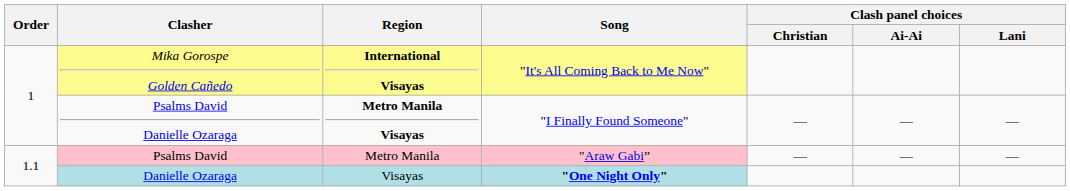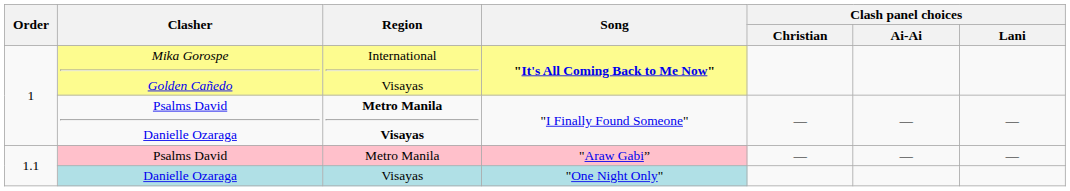 <table class="wikitable" style="text-align:center; line-height:17px; width:100%;">
 <tr>
 <th rowspan="2" width="5%">Order</th>
 <th rowspan="2" width="25%">Clasher</th>
 <th rowspan="2">Region</th>
 <th rowspan="2" width="25%">Song</th>
 <th colspan="3" width="30%">Clash panel choices</th>
 </tr>
 <tr>
 <th width="10%">Christian</th>
 <th width="10%">Ai-Ai</th>
 <th width="10%">Lani</th>
 </tr>
 <tr>
 <td rowspan="2">1</td>
 <td style="background:#fdfc8f;"><em>Mika Gorospe</em><hr><em><a href='#'>Golden Cañedo</a></em></td>
-<td style="background:#fdfc8f;"><strong>International<hr>Visayas</strong></td>
-<td style="background:#fdfc8f;">"<a href='#'>It's All Coming Back to Me Now</a>"</td>
+<td style="background:#fdfc8f;">International<hr>Visayas</td>
+<td style="background:#fdfc8f;"><strong>"<a href='#'>It's All Coming Back to Me Now</a>"</strong></td>
 <td><strong></strong></td>
 <td><strong></strong></td>
 <td><strong></strong></td>
 </tr>
 <tr>
 <td><a href='#'>Psalms David</a><hr><a href='#'>Danielle Ozaraga</a></td>
 <td><strong>Metro Manila<hr>Visayas</strong></td>
 <td>"<a href='#'>I Finally Found Someone</a>"</td>
 <td>—</td>
 <td>—</td>
 <td>—</td>
 </tr>
 <tr>
 <td rowspan="2">1.1</td>
 <td style="background:pink;">Psalms David</td>
 <td style="background:pink;">Metro Manila</td>
 <td style="background:pink;">"<a href='#'>Araw Gabi</a>”</td>
 <td>—</td>
 <td>—</td>
 <td>—</td>
 </tr>
 <tr>
 <td style="background:#b0e0e6;"><a href='#'>Danielle Ozaraga</a></td>
 <td style="background:#b0e0e6;">Visayas</td>
-<td style="background:#b0e0e6;"><strong>"<a href='#'>One Night Only</a>"</strong></td>
+<td style="background:#b0e0e6;">"<a href='#'>One Night Only</a>"</td>
 <td><strong></strong></td>
 <td><strong></strong></td>
 <td><strong></strong></td>
 </tr>
 </table>
